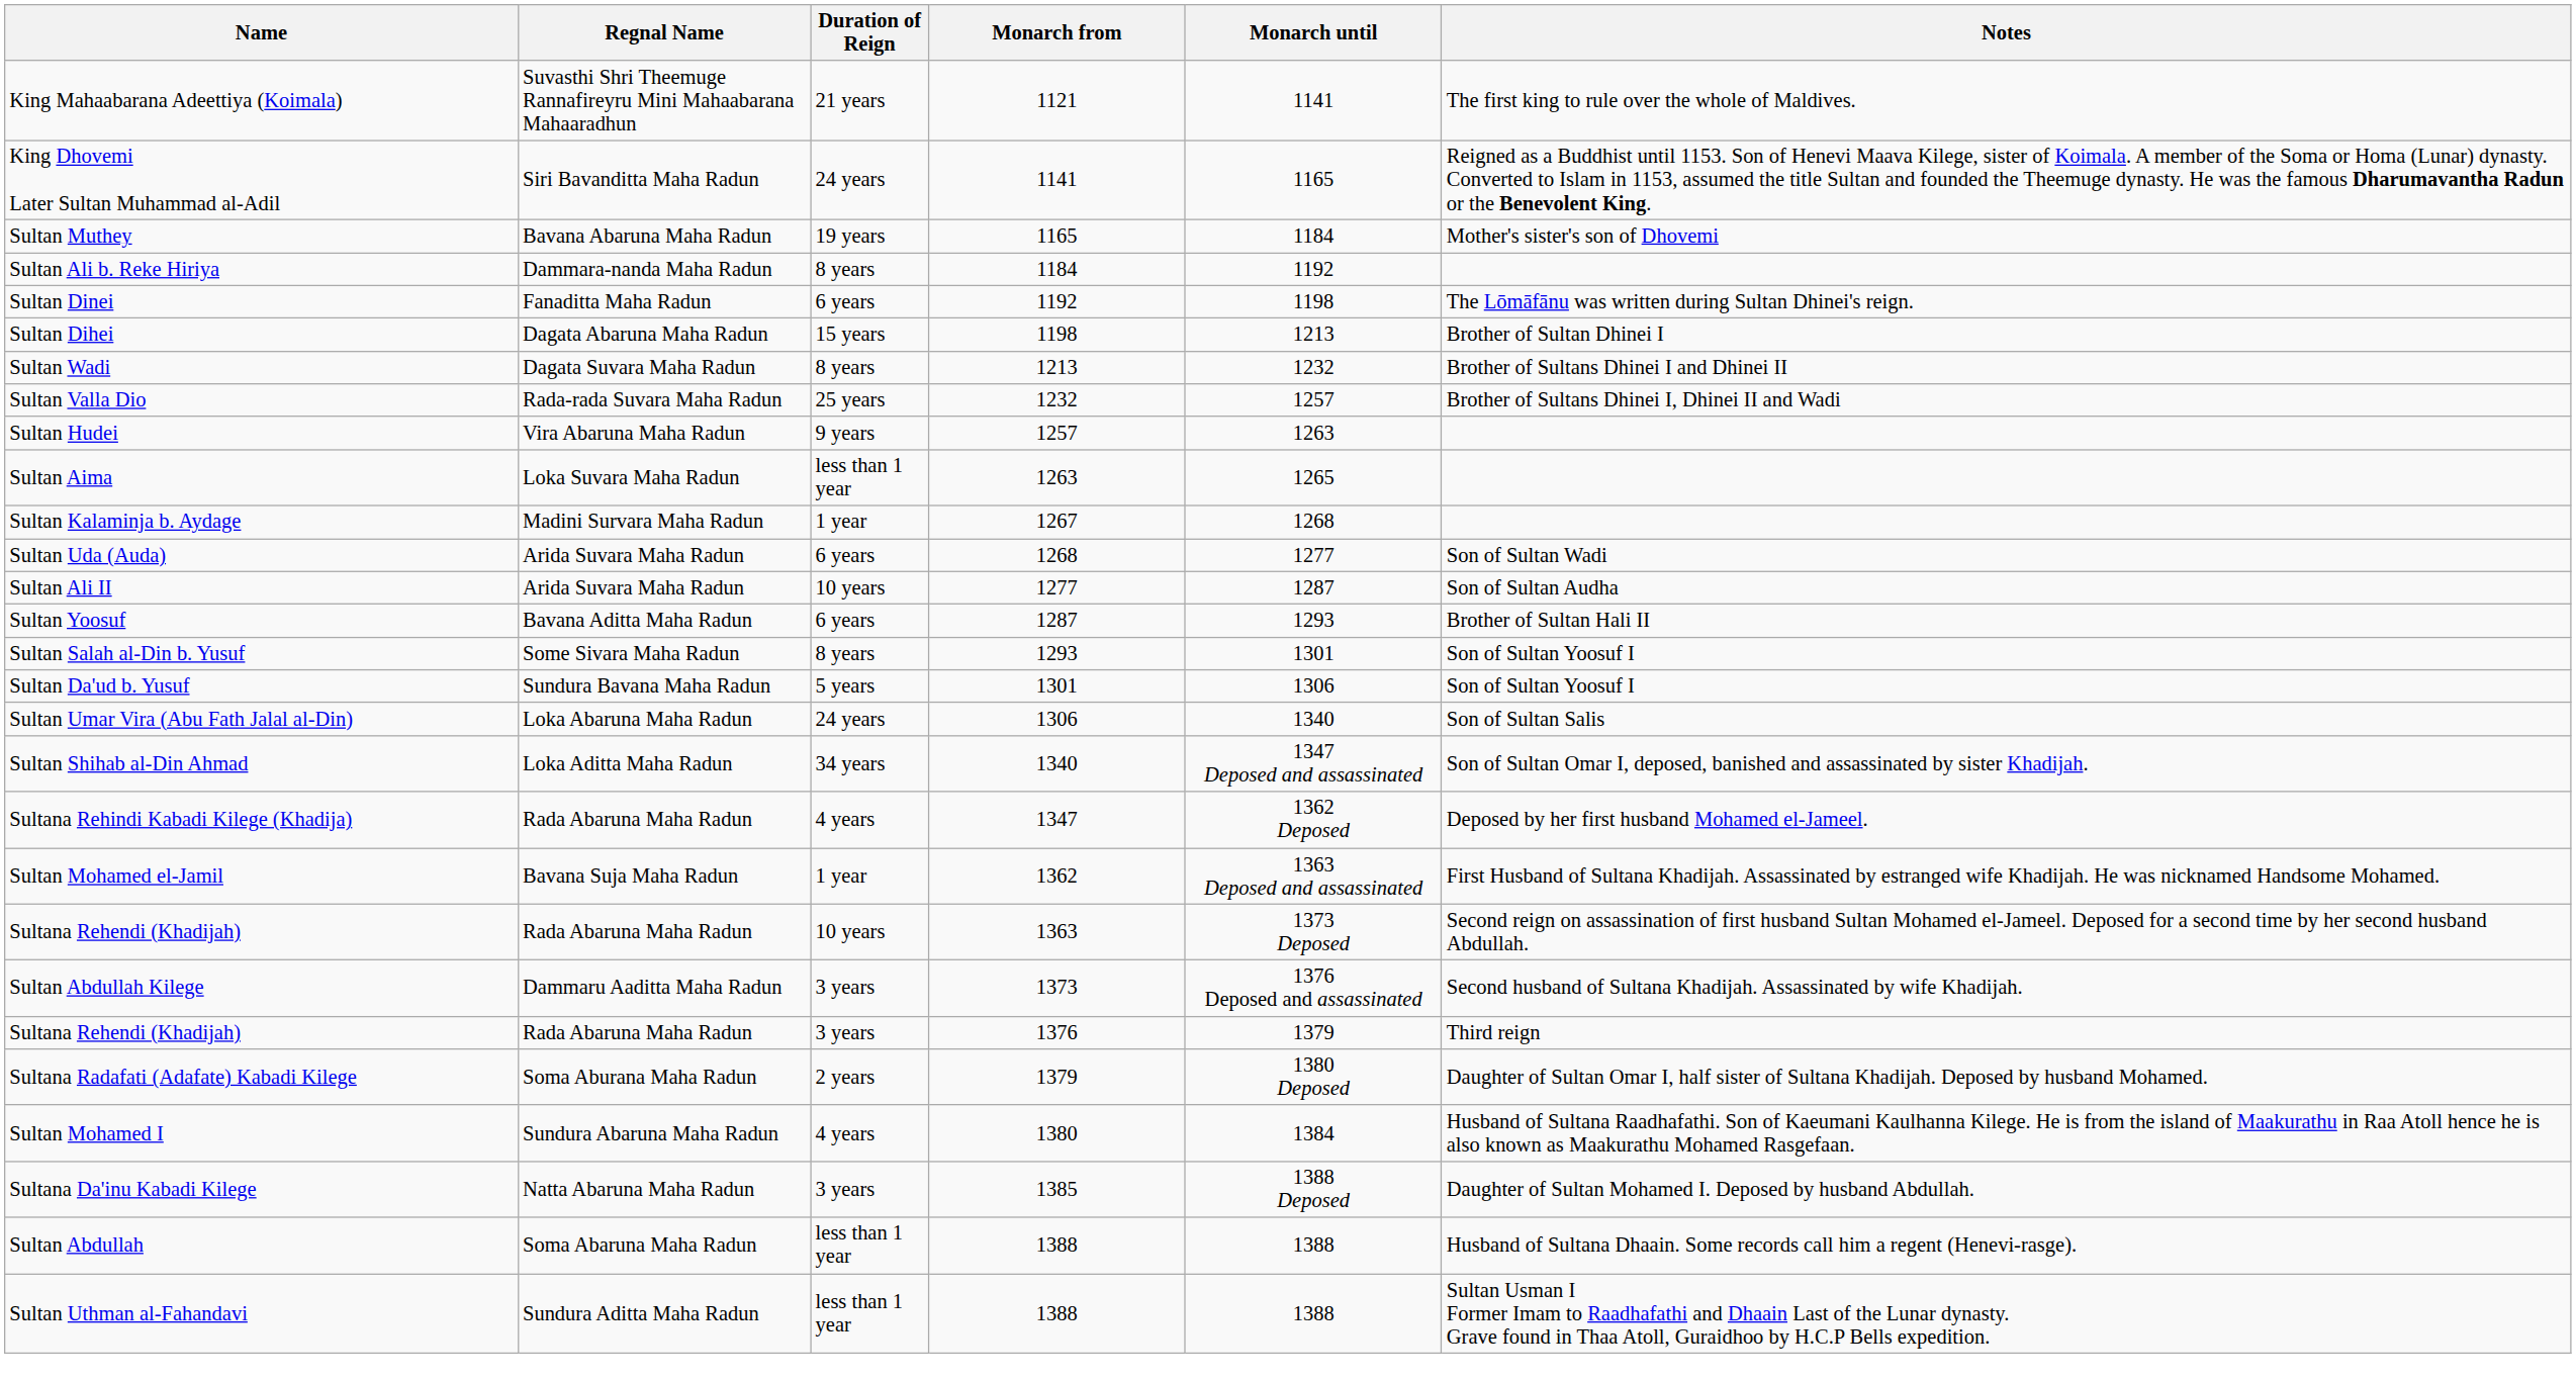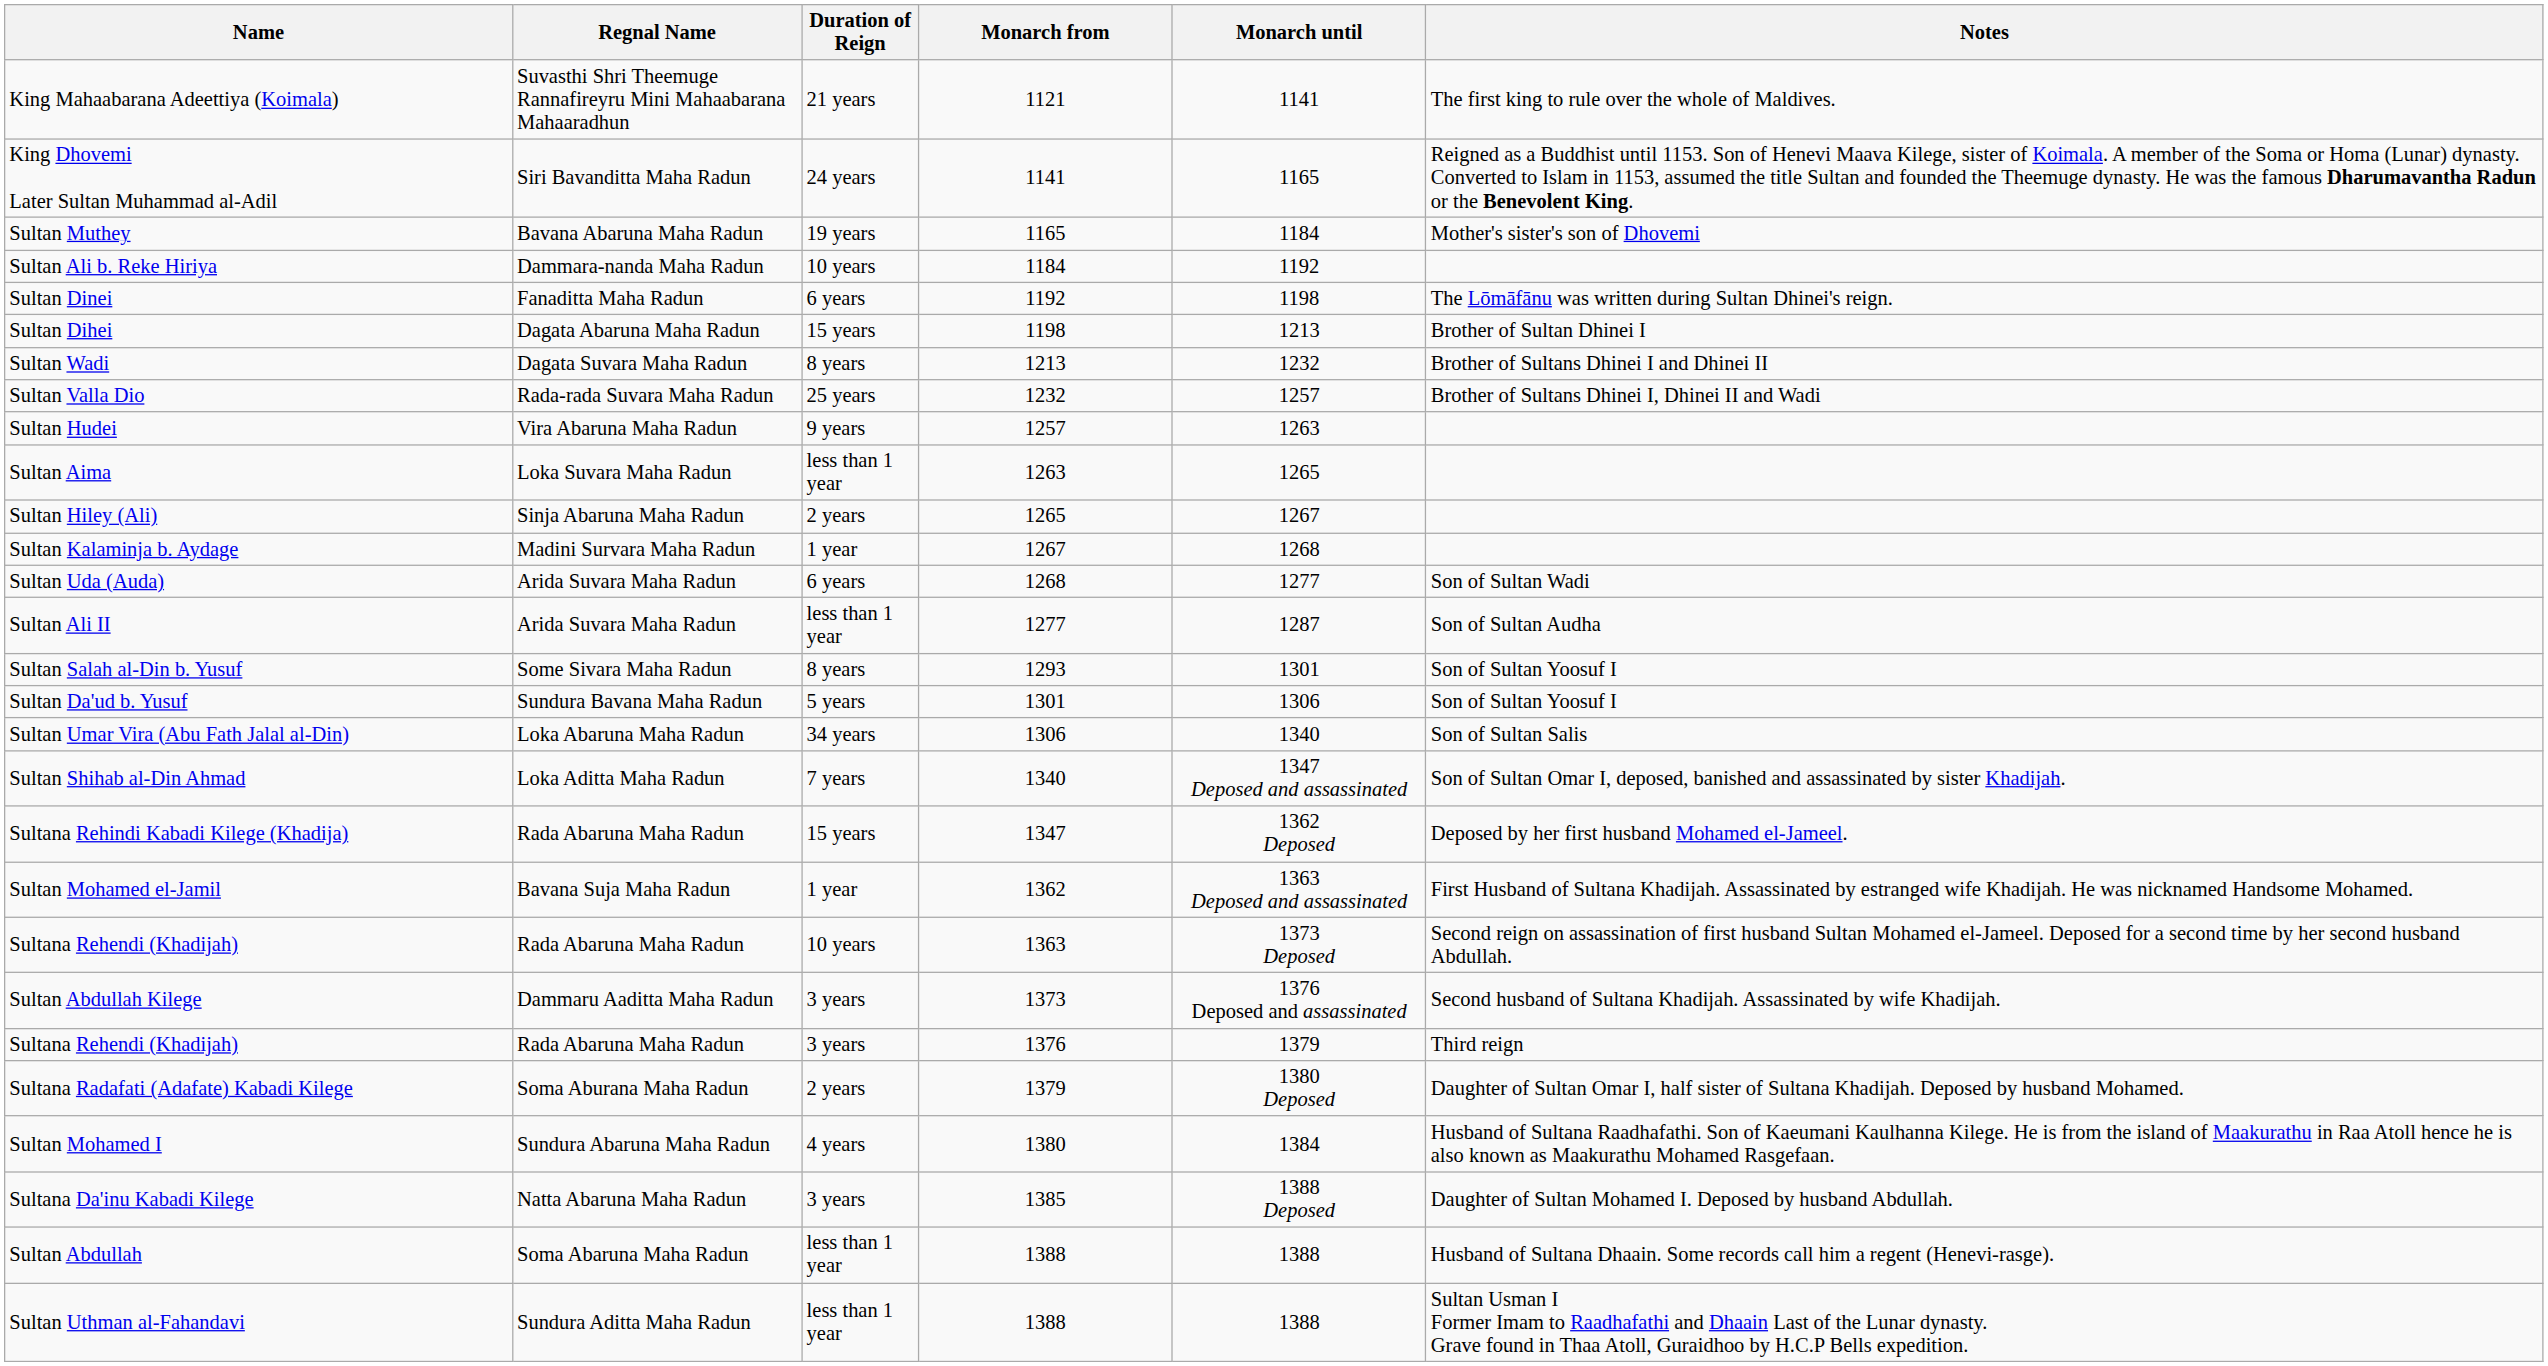 <table width=100% class="wikitable">
 <tr>
 <th width=20%>Name</th>
 <th>Regnal Name</th>
 <th>Duration of Reign</th>
 <th width=10%>Monarch from</th>
 <th width=10%>Monarch until</th>
 <th width=44%>Notes</th>
 </tr>
 <tr>
 <td>King Mahaabarana Adeettiya (<a href='#'>Koimala</a>)</td>
 <td>Suvasthi Shri Theemuge Rannafireyru Mini Mahaabarana Mahaaradhun</td>
 <td>21 years</td>
 <td align="center">1121</td>
 <td align="center">1141</td>
 <td align="left">The first king to rule over the whole of Maldives.</td>
 </tr>
 <tr>
 <td align="left">King <a href='#'>Dhovemi</a><br><br>Later Sultan Muhammad al-Adil</td>
 <td>Siri Bavanditta Maha Radun</td>
 <td>24 years</td>
 <td align="center">1141</td>
 <td align="center">1165</td>
 <td align="left">Reigned as a Buddhist until 1153. Son of Henevi Maava Kilege, sister of <a href='#'>Koimala</a>. A member of the Soma or Homa (Lunar) dynasty. Converted to Islam in 1153, assumed the title Sultan and founded the Theemuge dynasty. He was the famous <strong>Dharumavantha Radun</strong> or the <strong>Benevolent King</strong>.</td>
 </tr>
 <tr>
 <td align="left">Sultan <a href='#'>Muthey</a></td>
 <td>Bavana Abaruna Maha Radun</td>
 <td>19 years</td>
 <td align="center">1165</td>
 <td align="center">1184</td>
 <td align="left">Mother's sister's son of <a href='#'>Dhovemi</a></td>
 </tr>
 <tr>
 <td align="left">Sultan <a href='#'>Ali b. Reke Hiriya</a></td>
 <td>Dammara-nanda Maha Radun</td>
-<td>8 years</td>
+<td>10 years</td>
 <td align="center">1184</td>
 <td align="center">1192</td>
 <td align="center"></td>
 </tr>
 <tr>
 <td align="left">Sultan <a href='#'>Dinei</a></td>
 <td>Fanaditta Maha Radun</td>
 <td>6 years</td>
 <td align="center">1192</td>
 <td align="center">1198</td>
 <td align="left">The <a href='#'>Lōmāfānu</a> was written during Sultan Dhinei's reign.</td>
 </tr>
 <tr>
 <td align="left">Sultan <a href='#'>Dihei</a></td>
 <td>Dagata Abaruna Maha Radun</td>
 <td>15 years</td>
 <td align="center">1198</td>
 <td align="center">1213</td>
 <td align="left">Brother of Sultan Dhinei I</td>
 </tr>
 <tr>
 <td align="left">Sultan <a href='#'>Wadi</a></td>
 <td>Dagata Suvara Maha Radun</td>
 <td>8 years</td>
 <td align="center">1213</td>
 <td align="center">1232</td>
 <td align="left">Brother of Sultans Dhinei I and Dhinei II</td>
 </tr>
 <tr>
 <td align="left">Sultan <a href='#'>Valla Dio</a></td>
 <td>Rada-rada Suvara Maha Radun</td>
 <td>25 years</td>
 <td align="center">1232</td>
 <td align="center">1257</td>
 <td align="left">Brother of Sultans Dhinei I, Dhinei II and Wadi</td>
 </tr>
 <tr>
 <td align="left">Sultan <a href='#'>Hudei</a></td>
 <td>Vira Abaruna Maha Radun</td>
 <td>9 years</td>
 <td align="center">1257</td>
 <td align="center">1263</td>
 <td align="left"></td>
 </tr>
 <tr>
 <td align="left">Sultan <a href='#'>Aima</a></td>
 <td>Loka Suvara Maha Radun</td>
 <td>less than 1 year</td>
 <td align="center">1263</td>
 <td align="center">1265</td>
 <td align="left"></td>
 </tr>
 <tr>
+<td align="left">Sultan <a href='#'>Hiley (Ali)</a></td>
+<td>Sinja Abaruna Maha Radun</td>
+<td>2 years</td>
+<td align="center">1265</td>
+<td align="center">1267</td>
+<td align="left"></td>
+</tr>
+<tr>
 <td align="left">Sultan <a href='#'>Kalaminja b. Aydage</a></td>
 <td>Madini Survara Maha Radun</td>
 <td>1 year</td>
 <td align="center">1267</td>
 <td align="center">1268</td>
 <td align="left"></td>
 </tr>
 <tr>
 <td align="left">Sultan <a href='#'>Uda (Auda)</a></td>
 <td>Arida Suvara Maha Radun</td>
 <td>6 years</td>
 <td align="center">1268</td>
 <td align="center">1277</td>
 <td align="left">Son of Sultan Wadi</td>
 </tr>
 <tr>
 <td align="left">Sultan <a href='#'>Ali II</a></td>
 <td>Arida Suvara Maha Radun</td>
-<td>10 years</td>
+<td>less than 1 year</td>
 <td align="center">1277</td>
 <td align="center">1287</td>
 <td align="left">Son of Sultan Audha</td>
-</tr>
-<tr>
-<td align="left">Sultan <a href='#'>Yoosuf</a></td>
-<td>Bavana Aditta Maha Radun</td>
-<td>6 years</td>
-<td align="center">1287</td>
-<td align="center">1293</td>
-<td align="left">Brother of Sultan Hali II</td>
 </tr>
 <tr>
 <td align="left">Sultan <a href='#'>Salah al-Din b. Yusuf</a></td>
 <td>Some Sivara Maha Radun</td>
 <td>8 years</td>
 <td align="center">1293</td>
 <td align="center">1301</td>
 <td align="left">Son of Sultan Yoosuf I</td>
 </tr>
 <tr>
 <td align="left">Sultan <a href='#'>Da'ud b. Yusuf</a></td>
 <td>Sundura Bavana Maha Radun</td>
 <td>5 years</td>
 <td align="center">1301</td>
 <td align="center">1306</td>
 <td align="left">Son of Sultan Yoosuf I</td>
 </tr>
 <tr>
 <td align="left">Sultan <a href='#'>Umar Vira (Abu Fath Jalal al-Din)</a></td>
 <td>Loka Abaruna Maha Radun</td>
-<td>24 years</td>
+<td>34 years</td>
 <td align="center">1306</td>
 <td align="center">1340</td>
 <td align="left">Son of Sultan Salis</td>
 </tr>
 <tr>
 <td align="left">Sultan <a href='#'>Shihab al-Din Ahmad</a></td>
 <td>Loka Aditta Maha Radun</td>
-<td>34 years</td>
+<td>7 years</td>
 <td align="center">1340</td>
 <td align="center">1347<br><em>Deposed and assassinated</em></td>
 <td align="left">Son of Sultan Omar I, deposed, banished and assassinated by sister <a href='#'>Khadijah</a>.</td>
 </tr>
 <tr>
 <td align="left">Sultana <a href='#'>Rehindi Kabadi Kilege (Khadija)</a></td>
 <td>Rada Abaruna Maha Radun</td>
-<td>4 years</td>
+<td>15 years</td>
 <td align="center">1347</td>
 <td align="center">1362<br><em>Deposed</em></td>
 <td align="left">Deposed by her first husband <a href='#'>Mohamed el-Jameel</a>.</td>
 </tr>
 <tr>
 <td align="left">Sultan <a href='#'>Mohamed el-Jamil</a></td>
 <td>Bavana Suja Maha Radun</td>
 <td>1 year</td>
 <td align="center">1362</td>
 <td align="center">1363<br><em>Deposed and assassinated</em></td>
 <td align="left">First Husband of Sultana Khadijah. Assassinated by estranged wife Khadijah. He was nicknamed Handsome Mohamed.</td>
 </tr>
 <tr>
 <td align="left">Sultana <a href='#'>Rehendi (Khadijah)</a></td>
 <td>Rada Abaruna Maha Radun</td>
 <td>10 years</td>
 <td align="center">1363</td>
 <td align="center">1373<br><em>Deposed</em></td>
 <td align="left">Second reign on assassination of first husband Sultan Mohamed el-Jameel. Deposed for a second time by her second husband Abdullah.</td>
 </tr>
 <tr>
 <td align="left">Sultan <a href='#'>Abdullah Kilege</a></td>
 <td>Dammaru Aaditta Maha Radun</td>
 <td>3 years</td>
 <td align="center">1373</td>
 <td align="center">1376<br>Deposed and <em>assassinated</em></td>
 <td align="left">Second husband of Sultana Khadijah. Assassinated by wife Khadijah.</td>
 </tr>
 <tr>
 <td align="left">Sultana <a href='#'>Rehendi (Khadijah)</a></td>
 <td>Rada Abaruna Maha Radun</td>
 <td>3 years</td>
 <td align="center">1376</td>
 <td align="center">1379</td>
 <td align="left">Third reign</td>
 </tr>
 <tr>
 <td align="left">Sultana <a href='#'>Radafati (Adafate) Kabadi Kilege</a></td>
 <td>Soma Aburana Maha Radun</td>
 <td>2 years</td>
 <td align="center">1379</td>
 <td align="center">1380<br><em>Deposed</em></td>
 <td align="left">Daughter of Sultan Omar I, half sister of Sultana Khadijah. Deposed by husband Mohamed.</td>
 </tr>
 <tr>
 <td align="left">Sultan <a href='#'>Mohamed I</a></td>
 <td>Sundura Abaruna Maha Radun</td>
 <td>4 years</td>
 <td align="center">1380</td>
 <td align="center">1384</td>
 <td align="left">Husband of Sultana Raadhafathi. Son of Kaeumani Kaulhanna Kilege. He is from the island of <a href='#'>Maakurathu</a> in Raa Atoll hence he is also known as Maakurathu Mohamed Rasgefaan.</td>
 </tr>
 <tr>
 <td align="left">Sultana <a href='#'>Da'inu Kabadi Kilege</a></td>
 <td>Natta Abaruna Maha Radun</td>
 <td>3 years</td>
 <td align="center">1385</td>
 <td align="center">1388<br><em>Deposed</em></td>
 <td align="left">Daughter of Sultan Mohamed I. Deposed by husband Abdullah.</td>
 </tr>
 <tr>
 <td align="left">Sultan <a href='#'>Abdullah</a></td>
 <td>Soma Abaruna Maha Radun</td>
 <td>less than 1 year</td>
 <td align="center">1388</td>
 <td align="center">1388</td>
 <td align="left">Husband of Sultana Dhaain. Some records call him a regent (Henevi-rasge).</td>
 </tr>
 <tr>
 <td align="left">Sultan <a href='#'>Uthman al-Fahandavi</a></td>
 <td>Sundura Aditta Maha Radun</td>
 <td>less than 1 year</td>
 <td align="center">1388</td>
 <td align="center">1388</td>
 <td align="left">Sultan Usman I<br>Former Imam to <a href='#'>Raadhafathi</a> and <a href='#'>Dhaain</a> Last of the Lunar dynasty.<br>Grave found in Thaa Atoll, Guraidhoo by H.C.P Bells expedition.</td>
 </tr>
 </table>
